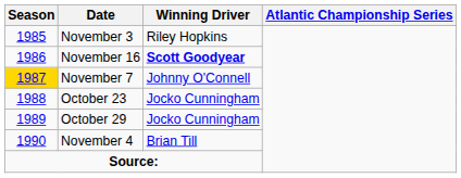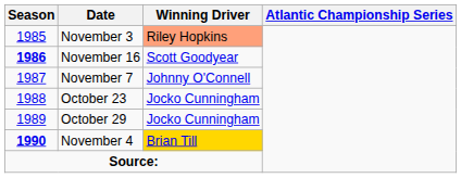 <table class="wikitable" style="font-size: 95%;">
 <tr>
 <th>Season</th>
 <th>Date</th>
 <th>Winning Driver</th>
 <th colspan="4"><a href='#'>Atlantic Championship Series</a></th>
 </tr>
 <tr>
 <td style="text-align:center;"><a href='#'>1985</a></td>
 <td>November 3</td>
-<td>Riley Hopkins</td>
+<td style="background: lightsalmon;">Riley Hopkins</td>
 </tr>
 <tr>
-<td style="text-align:center;"><a href='#'>1986</a></td>
+<td style="text-align:center;"><strong><a href='#'>1986</a></strong></td>
 <td>November 16</td>
-<td><strong><a href='#'>Scott Goodyear</a></strong></td>
+<td><a href='#'>Scott Goodyear</a></td>
 </tr>
 <tr>
-<td style="background: gold; text-align:center;"><a href='#'>1987</a></td>
+<td style="text-align:center;"><a href='#'>1987</a></td>
 <td>November 7</td>
 <td><a href='#'>Johnny O'Connell</a></td>
 </tr>
 <tr>
 <td style="text-align:center;"><a href='#'>1988</a></td>
 <td>October 23</td>
 <td><a href='#'>Jocko Cunningham</a></td>
 </tr>
 <tr>
 <td style="text-align:center;"><a href='#'>1989</a></td>
 <td>October 29</td>
 <td><a href='#'>Jocko Cunningham</a></td>
 </tr>
 <tr>
-<td style="text-align:center;"><a href='#'>1990</a></td>
+<td style="text-align:center;"><strong><a href='#'>1990</a></strong></td>
 <td>November 4</td>
-<td><a href='#'>Brian Till</a></td>
+<td style="background: gold;"><a href='#'>Brian Till</a></td>
 </tr>
 <tr>
 <td style="text-align:center;" colspan="3"><strong>Source:</strong> </td>
 </tr>
 </table>
